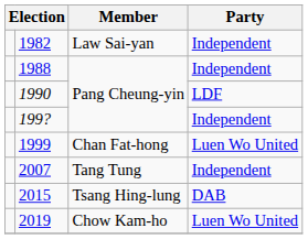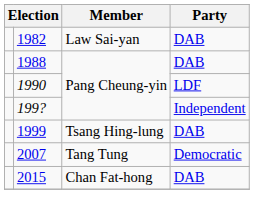 <table class="wikitable">
 <tr>
 <th colspan="2">Election</th>
 <th>Member</th>
 <th>Party</th>
 </tr>
 <tr>
 <td style="background-color: "></td>
 <td><a href='#'>1982</a></td>
 <td>Law Sai-yan</td>
-<td><a href='#'>Independent</a></td>
+<td><a href='#'>DAB</a></td>
 </tr>
 <tr>
 <td style="background-color: "></td>
 <td><a href='#'>1988</a></td>
 <td rowspan=3>Pang Cheung-yin</td>
-<td><a href='#'>Independent</a></td>
+<td><a href='#'>DAB</a></td>
 </tr>
 <tr>
 <td style="background-color: "></td>
 <td><em>1990</em></td>
 <td><a href='#'>LDF</a></td>
 </tr>
 <tr>
 <td style="background-color: "></td>
 <td><em>199?</em></td>
 <td><a href='#'>Independent</a></td>
 </tr>
 <tr>
 <td style="background-color: "></td>
 <td><a href='#'>1999</a></td>
-<td>Chan Fat-hong</td>
-<td><a href='#'>Luen Wo United</a></td>
+<td>Tsang Hing-lung</td>
+<td><a href='#'>DAB</a></td>
 </tr>
 <tr>
 <td style="background-color: "></td>
 <td><a href='#'>2007</a></td>
 <td>Tang Tung</td>
-<td><a href='#'>Independent</a></td>
+<td><a href='#'>Democratic</a></td>
 </tr>
 <tr>
 <td style="background-color: "></td>
 <td><a href='#'>2015</a></td>
-<td>Tsang Hing-lung</td>
+<td>Chan Fat-hong</td>
 <td><a href='#'>DAB</a></td>
-</tr>
-<tr>
-<td style="background-color: "></td>
-<td><a href='#'>2019</a></td>
-<td>Chow Kam-ho</td>
-<td><a href='#'>Luen Wo United</a></td>
 </tr>
 <tr>
 </tr>
 </table>
